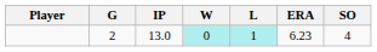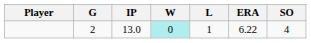 <table class="wikitable sortable">
 <tr>
 <th bgcolor="#DDDDFF" width="16%">Player</th>
 <th bgcolor="#DDDDFF" width="9%">G</th>
 <th bgcolor="#DDDDFF" width="9%">IP</th>
 <th bgcolor="#DDDDFF" width="9%">W</th>
 <th bgcolor="#DDDDFF" width="9%">L</th>
 <th bgcolor="#DDDDFF" width="9%">ERA</th>
 <th bgcolor="#DDDDFF" width="9%">SO</th>
 </tr>
 <tr align="center">
 <td></td>
 <td>2</td>
 <td>13.0</td>
 <td style="background: paleturquoise;">0</td>
-<td style="background: paleturquoise;">1</td>
-<td>6.23</td>
+<td>1</td>
+<td>6.22</td>
 <td>4</td>
 </tr>
 </table>
